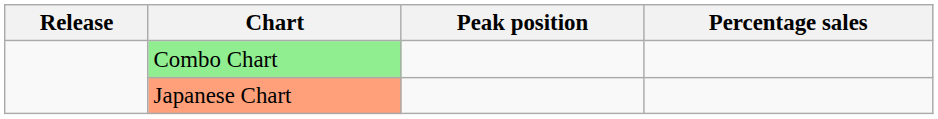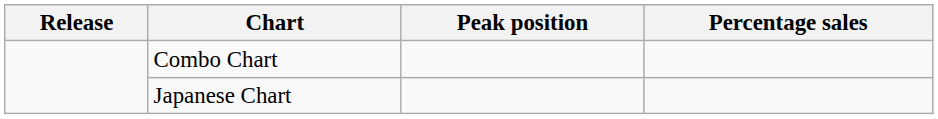 <table class="wikitable" width="650px">
 <tr>
 <th>Release</th>
 <th>Chart</th>
 <th>Peak position</th>
 <th>Percentage sales</th>
 </tr>
 <tr>
 <td rowspan="2"></td>
-<td style="background: lightgreen;">Combo Chart</td>
+<td>Combo Chart</td>
 <td></td>
 <td></td>
 </tr>
 <tr>
-<td style="background: lightsalmon;">Japanese Chart</td>
+<td>Japanese Chart</td>
 <td></td>
 <td></td>
 </tr>
 </table>
